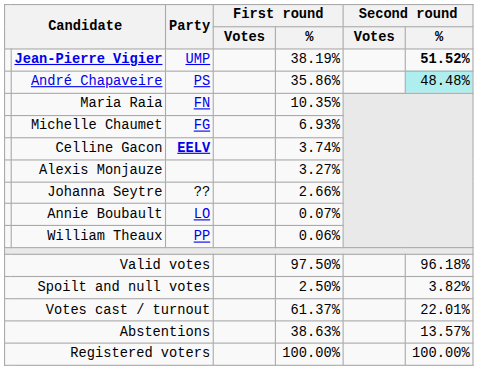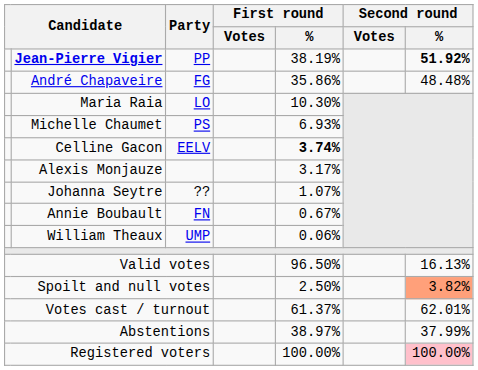 <table class="wikitable" style="text-align:right;font-size:95%;">
 <tr>
 <th rowspan=2 colspan=2>Candidate</th>
 <th rowspan=2 colspan=1>Party</th>
 <th colspan=2>First round</th>
 <th colspan=2>Second round</th>
 </tr>
 <tr>
 <th style="width:50px;">Votes</th>
 <th style="width:55px;">%</th>
 <th style="width:50px;">Votes</th>
 <th style="width:55px;">%</th>
 </tr>
 <tr>
 <td style="color:inherit;background-color:"></td>
 <td><strong><a href='#'>Jean-Pierre Vigier</a></strong></td>
-<td><a href='#'>UMP</a></td>
+<td><a href='#'>PP</a></td>
 <td></td>
 <td>38.19%</td>
 <td><strong></strong></td>
-<td><strong>51.52%</strong></td>
+<td><strong>51.92%</strong></td>
 </tr>
 <tr>
 <td style="color:inherit;background-color:"></td>
 <td><a href='#'>André Chapaveire</a></td>
-<td><a href='#'>PS</a></td>
+<td><a href='#'>FG</a></td>
 <td></td>
 <td>35.86%</td>
 <td></td>
-<td style="background: paleturquoise;">48.48%</td>
+<td>48.48%</td>
 </tr>
 <tr>
 <td style="color:inherit;background-color:"></td>
 <td>Maria Raia</td>
-<td><a href='#'>FN</a></td>
+<td><a href='#'>LO</a></td>
 <td></td>
-<td>10.35%</td>
+<td>10.30%</td>
 <td colspan=7 rowspan=7 style="background-color:#E9E9E9;"></td>
 </tr>
 <tr>
 <td style="color:inherit;background-color:"></td>
 <td>Michelle Chaumet</td>
-<td><a href='#'>FG</a></td>
+<td><a href='#'>PS</a></td>
 <td></td>
 <td>6.93%</td>
 </tr>
 <tr>
 <td style="color:inherit;background-color:"></td>
 <td>Celline Gacon</td>
-<td><strong><a href='#'>EELV</a></strong></td>
+<td><a href='#'>EELV</a></td>
 <td></td>
-<td>3.74%</td>
+<td><strong>3.74%</strong></td>
 </tr>
 <tr>
 <td style="background-color:;"></td>
 <td>Alexis Monjauze</td>
 <td></td>
 <td></td>
-<td>3.27%</td>
+<td>3.17%</td>
 </tr>
 <tr>
 <td style="background-color:;"></td>
 <td>Johanna Seytre</td>
 <td>??</td>
 <td></td>
-<td>2.66%</td>
+<td>1.07%</td>
 </tr>
 <tr>
 <td style="color:inherit;background-color:"></td>
 <td>Annie Boubault</td>
-<td><a href='#'>LO</a></td>
+<td><a href='#'>FN</a></td>
 <td></td>
-<td>0.07%</td>
+<td>0.67%</td>
 </tr>
 <tr>
 <td style="color:inherit;background-color:"></td>
 <td>William Theaux</td>
-<td><a href='#'>PP</a></td>
+<td><a href='#'>UMP</a></td>
 <td></td>
 <td>0.06%</td>
 </tr>
 <tr>
 <td colspan=7 style="background-color:#E9E9E9;"></td>
 </tr>
 <tr>
 <td colspan=3>Valid votes</td>
 <td></td>
-<td>97.50%</td>
+<td>96.50%</td>
 <td></td>
-<td>96.18%</td>
+<td>16.13%</td>
 </tr>
 <tr>
 <td colspan=3>Spoilt and null votes</td>
 <td></td>
 <td>2.50%</td>
 <td></td>
-<td>3.82%</td>
+<td style="background: lightsalmon;">3.82%</td>
 </tr>
 <tr>
 <td colspan=3>Votes cast / turnout</td>
 <td></td>
 <td>61.37%</td>
 <td></td>
-<td>22.01%</td>
+<td>62.01%</td>
 </tr>
 <tr>
 <td colspan=3>Abstentions</td>
 <td></td>
-<td>38.63%</td>
+<td>38.97%</td>
 <td></td>
-<td>13.57%</td>
+<td>37.99%</td>
 </tr>
 <tr>
 <td colspan=3>Registered voters</td>
 <td></td>
 <td>100.00%</td>
 <td></td>
-<td>100.00%</td>
+<td style="background: pink;">100.00%</td>
 </tr>
 </table>
